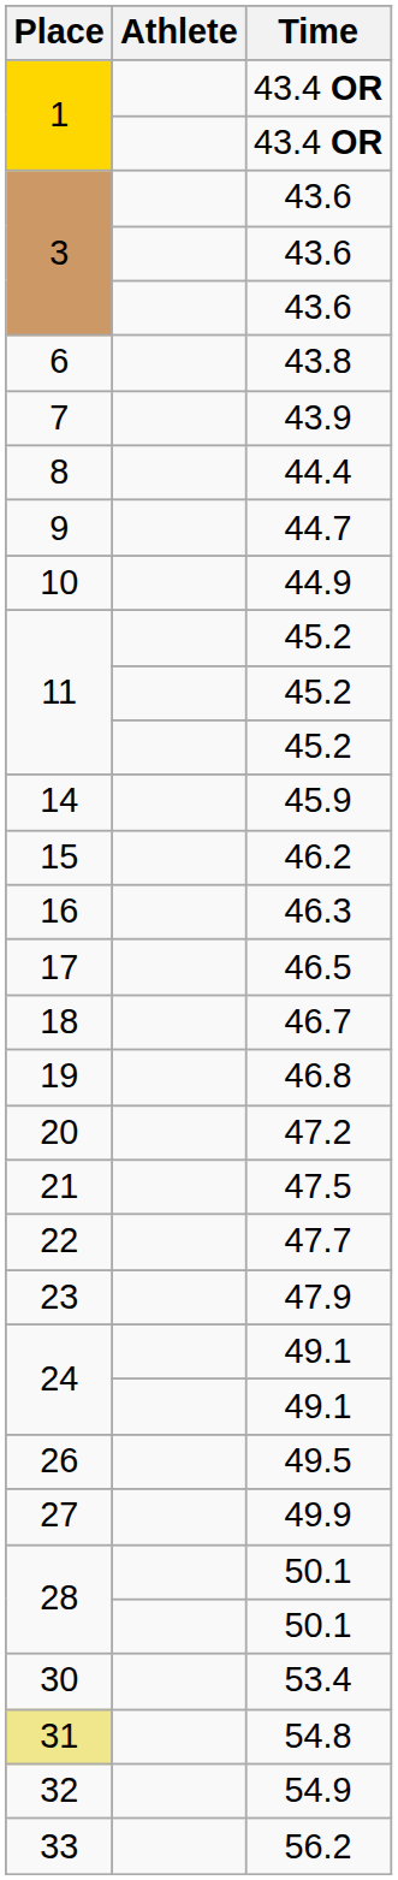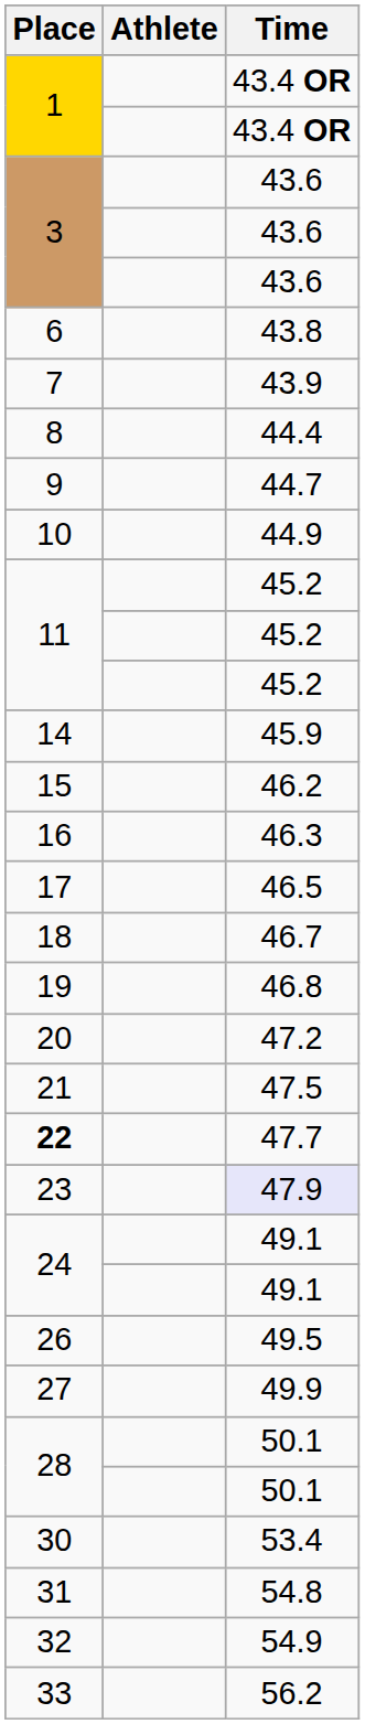 <table class="wikitable" style="text-align:center">
 <tr>
 <th>Place</th>
 <th>Athlete</th>
 <th>Time</th>
 </tr>
 <tr>
 <td bgcolor=gold rowspan=2>1</td>
 <td align=left></td>
 <td>43.4 <strong>OR</strong></td>
 </tr>
 <tr>
 <td align=left></td>
 <td>43.4 <strong>OR</strong></td>
 </tr>
 <tr>
 <td bgcolor=cc9966 rowspan=3>3</td>
 <td align=left></td>
 <td>43.6</td>
 </tr>
 <tr>
 <td align=left></td>
 <td>43.6</td>
 </tr>
 <tr>
 <td align=left></td>
 <td>43.6</td>
 </tr>
 <tr>
 <td>6</td>
 <td align=left></td>
 <td>43.8</td>
 </tr>
 <tr>
 <td>7</td>
 <td align=left></td>
 <td>43.9</td>
 </tr>
 <tr>
 <td>8</td>
 <td align=left></td>
 <td>44.4</td>
 </tr>
 <tr>
 <td>9</td>
 <td align=left></td>
 <td>44.7</td>
 </tr>
 <tr>
 <td>10</td>
 <td align=left></td>
 <td>44.9</td>
 </tr>
 <tr>
 <td rowspan=3>11</td>
 <td align=left></td>
 <td>45.2</td>
 </tr>
 <tr>
 <td align=left></td>
 <td>45.2</td>
 </tr>
 <tr>
 <td align=left></td>
 <td>45.2</td>
 </tr>
 <tr>
 <td>14</td>
 <td align=left></td>
 <td>45.9</td>
 </tr>
 <tr>
 <td>15</td>
 <td align=left></td>
 <td>46.2</td>
 </tr>
 <tr>
 <td>16</td>
 <td align=left></td>
 <td>46.3</td>
 </tr>
 <tr>
 <td>17</td>
 <td align=left></td>
 <td>46.5</td>
 </tr>
 <tr>
 <td>18</td>
 <td align=left></td>
 <td>46.7</td>
 </tr>
 <tr>
 <td>19</td>
 <td align=left></td>
 <td>46.8</td>
 </tr>
 <tr>
 <td>20</td>
 <td align=left></td>
 <td>47.2</td>
 </tr>
 <tr>
 <td>21</td>
 <td align=left></td>
 <td>47.5</td>
 </tr>
 <tr>
-<td>22</td>
+<td><strong>22</strong></td>
 <td align=left></td>
 <td>47.7</td>
 </tr>
 <tr>
 <td>23</td>
 <td align=left></td>
-<td>47.9</td>
+<td style="background: lavender;">47.9</td>
 </tr>
 <tr>
 <td rowspan=2>24</td>
 <td align=left></td>
 <td>49.1</td>
 </tr>
 <tr>
 <td align=left></td>
 <td>49.1</td>
 </tr>
 <tr>
 <td>26</td>
 <td align=left></td>
 <td>49.5</td>
 </tr>
 <tr>
 <td>27</td>
 <td align=left></td>
 <td>49.9</td>
 </tr>
 <tr>
 <td rowspan=2>28</td>
 <td align=left></td>
 <td>50.1</td>
 </tr>
 <tr>
 <td align=left></td>
 <td>50.1</td>
 </tr>
 <tr>
 <td>30</td>
 <td align=left></td>
 <td>53.4</td>
 </tr>
 <tr>
-<td style="background: khaki;">31</td>
+<td>31</td>
 <td align=left></td>
 <td>54.8</td>
 </tr>
 <tr>
 <td>32</td>
 <td align=left></td>
 <td>54.9</td>
 </tr>
 <tr>
 <td>33</td>
 <td align=left></td>
 <td>56.2</td>
 </tr>
 </table>
